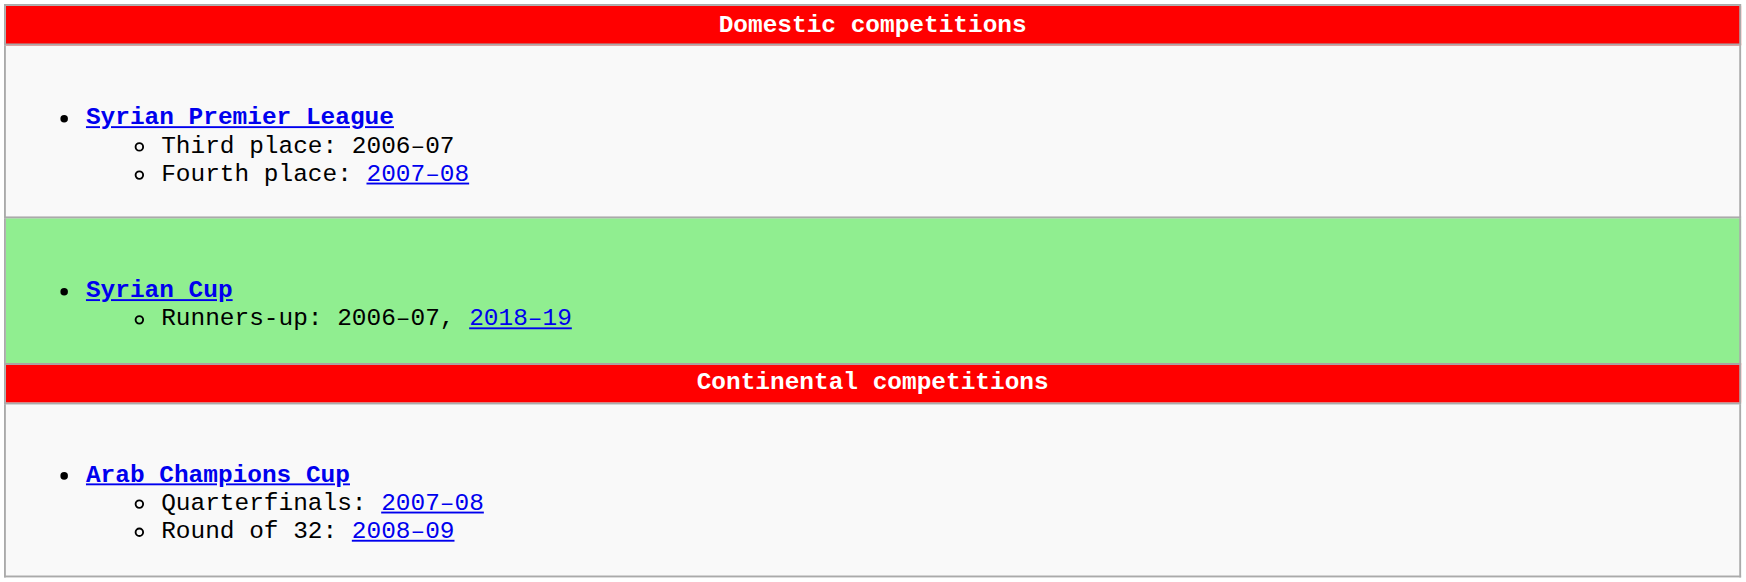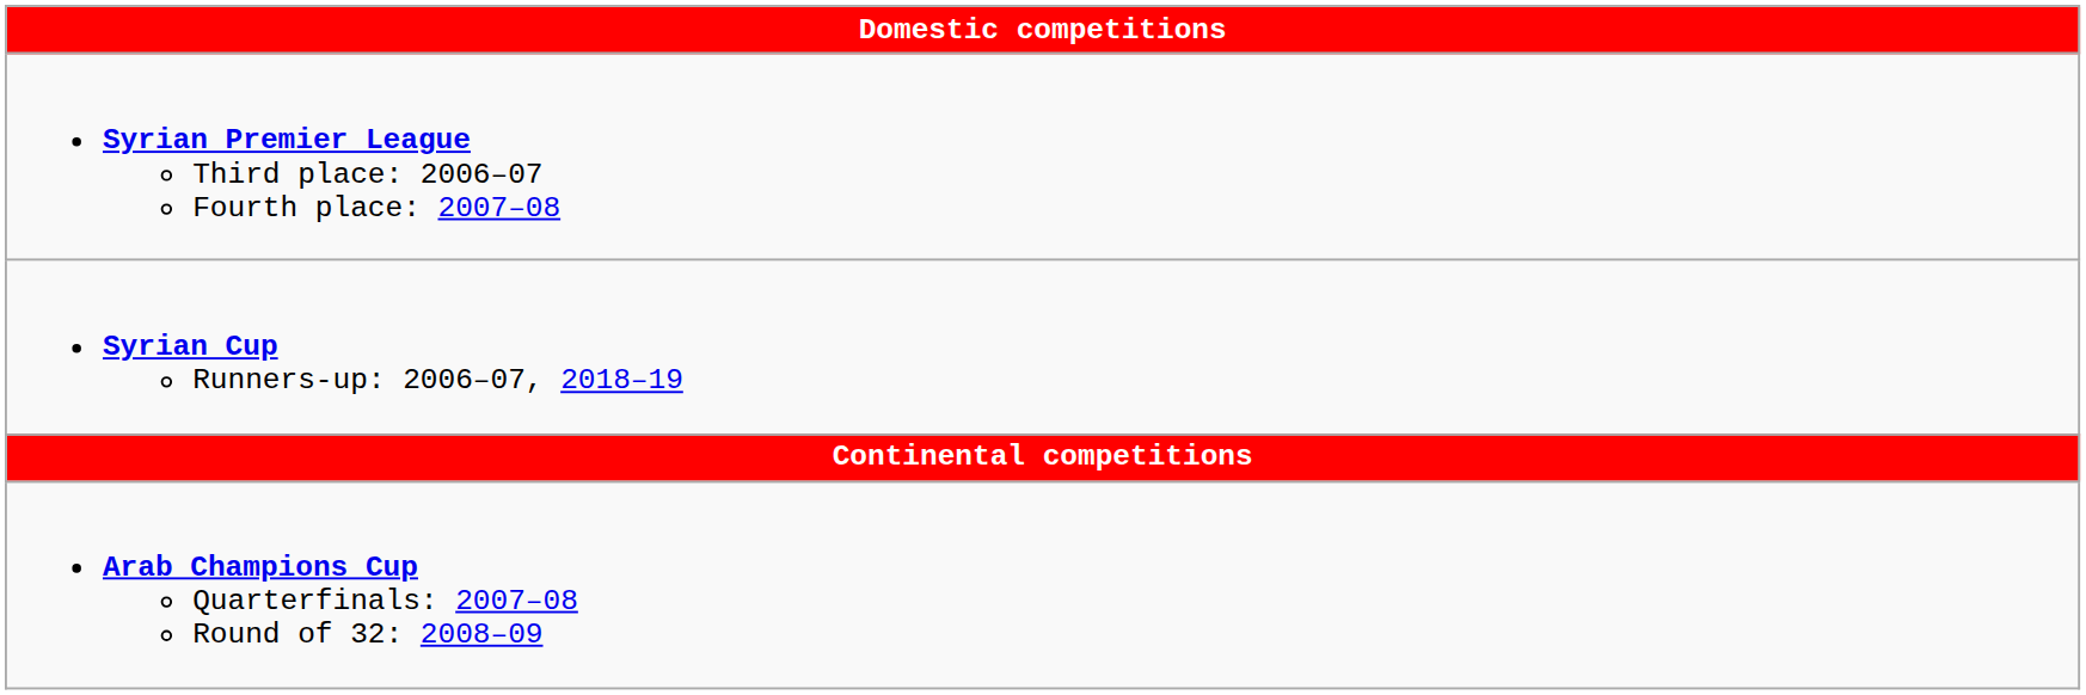 <table class=wikitable>
 <tr>
 <th width=33% style="background-color:#FF0000; color:#FFFFFF">Domestic competitions</th>
 </tr>
 <tr valign=top>
 <td><br><ul><li><strong><a href='#'>Syrian Premier League</a></strong><ul><li>Third place: 2006–07</li><li>Fourth place: <a href='#'>2007–08</a></li></ul></li></ul></td>
 </tr>
 <tr valign=top>
-<td style="background: lightgreen;"><br><ul><li><strong><a href='#'>Syrian Cup</a></strong><ul><li>Runners-up: 2006–07, <a href='#'>2018–19</a></li></ul></li></ul></td>
+<td><br><ul><li><strong><a href='#'>Syrian Cup</a></strong><ul><li>Runners-up: 2006–07, <a href='#'>2018–19</a></li></ul></li></ul></td>
 </tr>
 <tr>
 <th width=33% style="background-color:#FF0000; color:#FFFFFF">Continental competitions</th>
 </tr>
 <tr valign=top>
 <td><br><ul><li><strong><a href='#'>Arab Champions Cup</a></strong><ul><li>Quarterfinals: <a href='#'>2007–08</a></li><li>Round of 32: <a href='#'>2008–09</a></li></ul></li></ul></td>
 </tr>
 </table>
